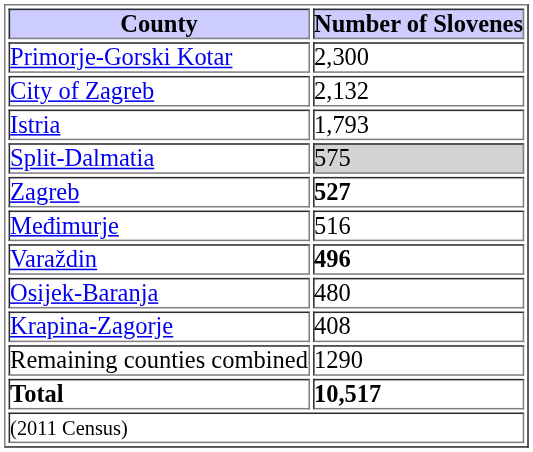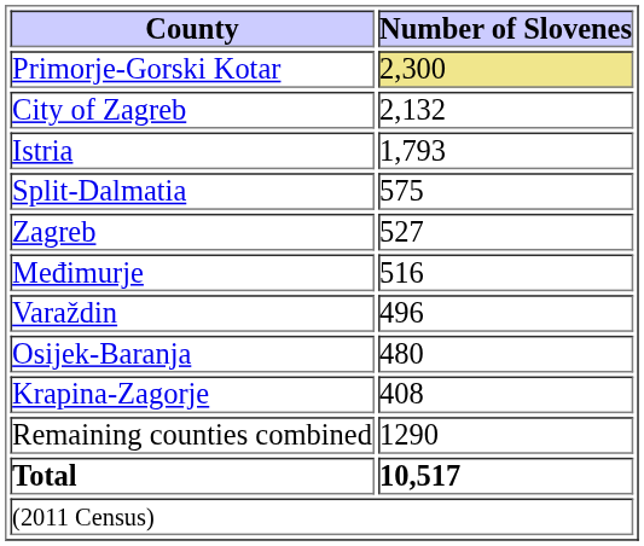 <table class="toccolours sortable" border="1" cellpadding="0" cellpadding="5">
 <tr bgcolor=#ccccff>
 <th>County</th>
 <th>Number of Slovenes</th>
 </tr>
 <tr>
 <td><a href='#'>Primorje-Gorski Kotar</a></td>
-<td>2,300</td>
+<td style="background: khaki;">2,300</td>
 </tr>
 <tr>
 <td><a href='#'>City of Zagreb</a></td>
 <td>2,132</td>
 </tr>
 <tr>
 <td><a href='#'>Istria</a></td>
 <td>1,793</td>
 </tr>
 <tr>
 <td><a href='#'>Split-Dalmatia</a></td>
-<td style="background: lightgrey;">575</td>
+<td>575</td>
 </tr>
 <tr>
 <td><a href='#'>Zagreb</a></td>
-<td><strong>527</strong></td>
+<td>527</td>
 </tr>
 <tr>
 <td><a href='#'>Međimurje</a></td>
 <td>516</td>
 </tr>
 <tr>
 <td><a href='#'>Varaždin</a></td>
-<td><strong>496</strong></td>
+<td>496</td>
 </tr>
 <tr>
 <td><a href='#'>Osijek-Baranja</a></td>
 <td>480</td>
 </tr>
 <tr>
 <td><a href='#'>Krapina-Zagorje</a></td>
 <td>408</td>
 </tr>
 <tr>
 <td>Remaining counties combined</td>
 <td>1290</td>
 </tr>
 <tr>
 <td><strong>Total</strong></td>
 <td><strong>10,517</strong></td>
 </tr>
 <tr>
 <td colspan=3><small>(2011 Census)</small></td>
 </tr>
 </table>
